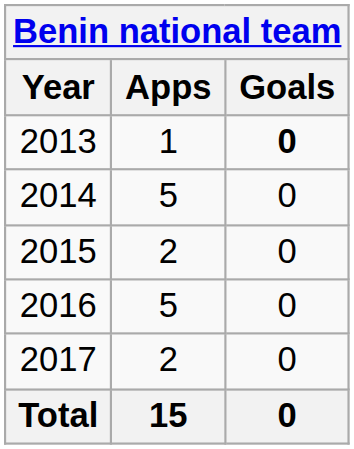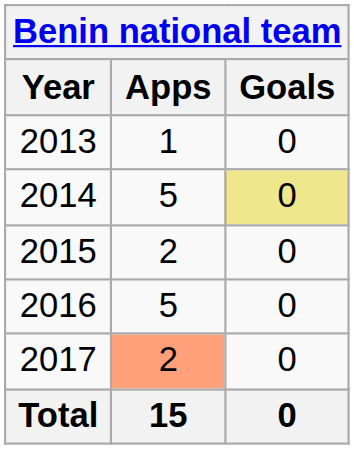 <table class="wikitable" style="text-align:center">
 <tr>
 <th colspan=3><a href='#'>Benin national team</a></th>
 </tr>
 <tr>
 <th>Year</th>
 <th>Apps</th>
 <th>Goals</th>
 </tr>
 <tr>
 <td>2013</td>
 <td>1</td>
-<td><strong>0</strong></td>
+<td>0</td>
 </tr>
 <tr>
 <td>2014</td>
 <td>5</td>
-<td>0</td>
+<td style="background: khaki;">0</td>
 </tr>
 <tr>
 <td>2015</td>
 <td>2</td>
 <td>0</td>
 </tr>
 <tr>
 <td>2016</td>
 <td>5</td>
 <td>0</td>
 </tr>
 <tr>
 <td>2017</td>
-<td>2</td>
+<td style="background: lightsalmon;">2</td>
 <td>0</td>
 </tr>
 <tr>
 <th>Total</th>
 <th>15</th>
 <th>0</th>
 </tr>
 </table>
